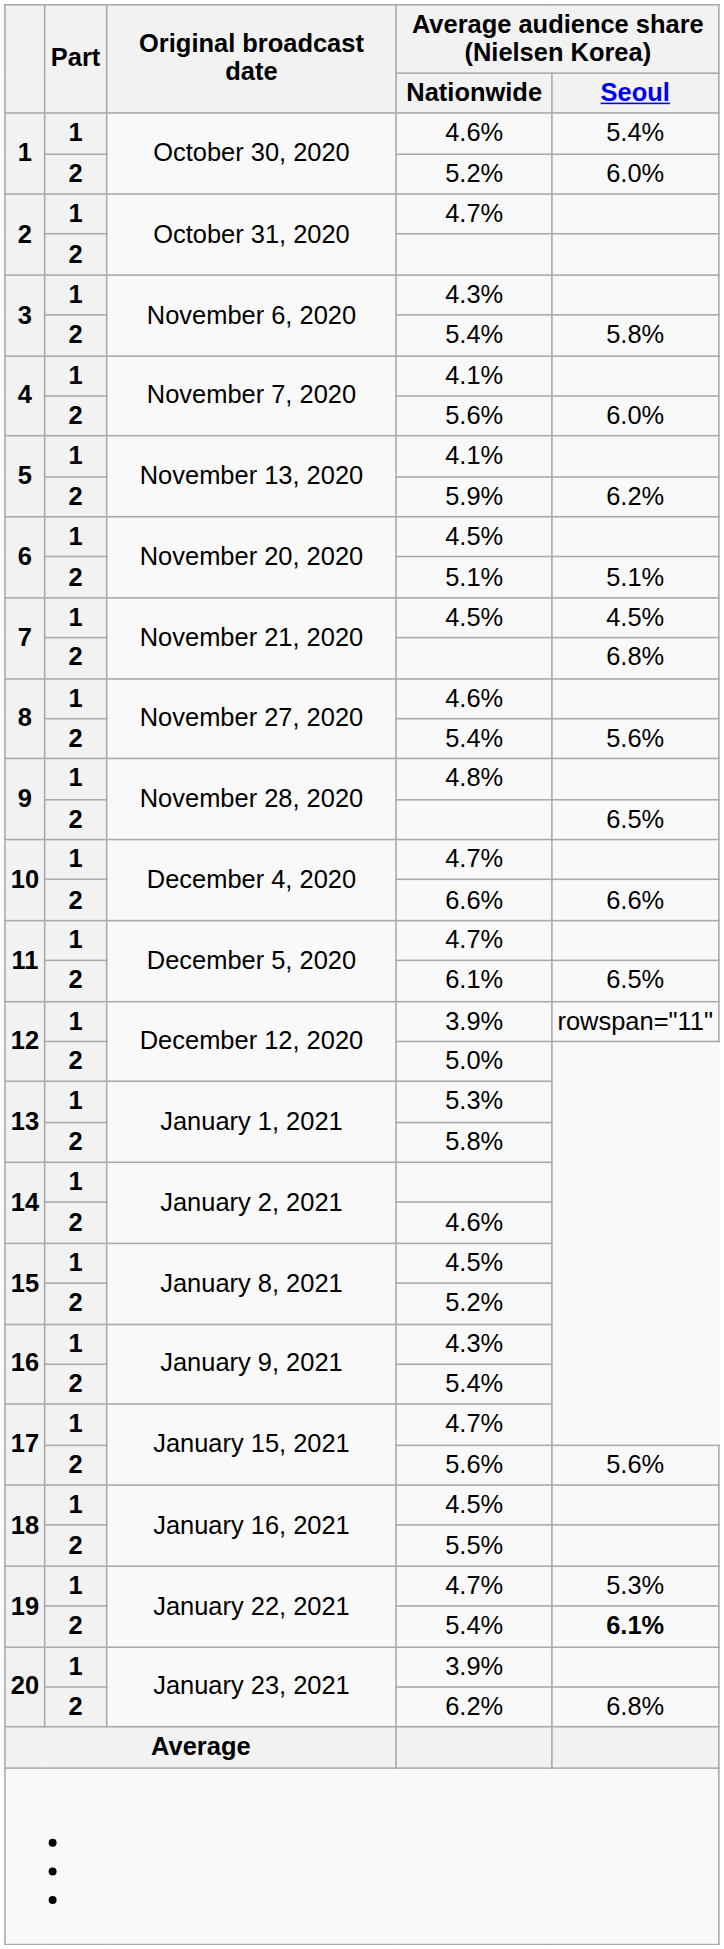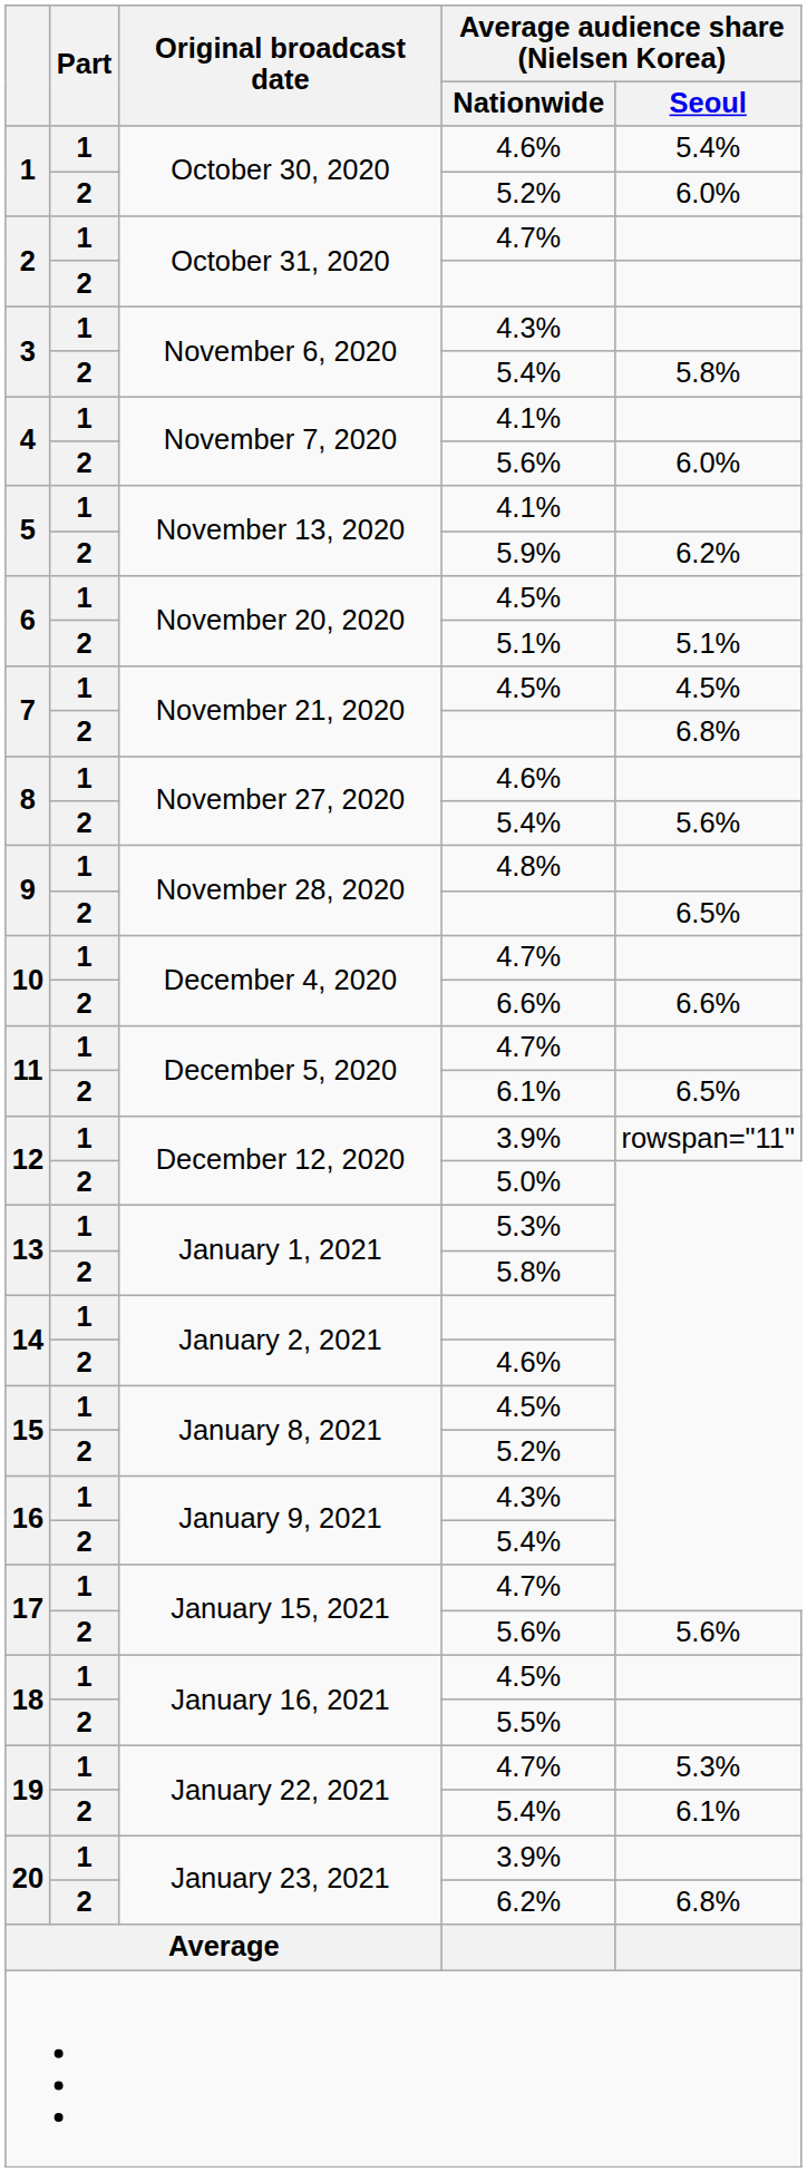 <table class="wikitable" style="text-align:center;max-width:450px; margin-left: auto; margin-right: auto; border: none;">
 <tr>
 </tr>
 <tr>
 <th rowspan="2"></th>
 <th rowspan="2">Part</th>
 <th rowspan="2">Original broadcast date</th>
 <th colspan="2">Average audience share<br>(Nielsen Korea)</th>
 </tr>
 <tr>
 <th width="90">Nationwide</th>
 <th width="90"><a href='#'>Seoul</a></th>
 </tr>
 <tr>
 <th rowspan="2">1</th>
 <th>1</th>
 <td rowspan="2">October 30, 2020</td>
 <td>4.6% </td>
 <td>5.4% </td>
 </tr>
 <tr>
 <th>2</th>
 <td>5.2% </td>
 <td>6.0% </td>
 </tr>
 <tr>
 <th rowspan="2">2</th>
 <th>1</th>
 <td rowspan="2">October 31, 2020</td>
 <td>4.7% </td>
 <td></td>
 </tr>
 <tr>
 <th>2</th>
 <td> </td>
 <td> </td>
 </tr>
 <tr>
 <th rowspan="2">3</th>
 <th>1</th>
 <td rowspan="2">November 6, 2020</td>
 <td>4.3% </td>
 <td></td>
 </tr>
 <tr>
 <th>2</th>
 <td>5.4% </td>
 <td>5.8% </td>
 </tr>
 <tr>
 <th rowspan="2">4</th>
 <th>1</th>
 <td rowspan="2">November 7, 2020</td>
 <td>4.1% </td>
 <td></td>
 </tr>
 <tr>
 <th>2</th>
 <td>5.6% </td>
 <td>6.0% </td>
 </tr>
 <tr>
 <th rowspan="2">5</th>
 <th>1</th>
 <td rowspan="2">November 13, 2020</td>
 <td>4.1% </td>
 <td></td>
 </tr>
 <tr>
 <th>2</th>
 <td>5.9% </td>
 <td>6.2% </td>
 </tr>
 <tr>
 <th rowspan="2">6</th>
 <th>1</th>
 <td rowspan="2">November 20, 2020</td>
 <td>4.5% </td>
 <td></td>
 </tr>
 <tr>
 <th>2</th>
 <td>5.1% </td>
 <td>5.1% </td>
 </tr>
 <tr>
 <th rowspan="2">7</th>
 <th>1</th>
 <td rowspan="2">November 21, 2020</td>
 <td>4.5% </td>
 <td>4.5% </td>
 </tr>
 <tr>
 <th>2</th>
 <td> </td>
 <td>6.8% </td>
 </tr>
 <tr>
 <th rowspan="2">8</th>
 <th>1</th>
 <td rowspan="2">November 27, 2020</td>
 <td>4.6% </td>
 <td></td>
 </tr>
 <tr>
 <th>2</th>
 <td>5.4% </td>
 <td>5.6% </td>
 </tr>
 <tr>
 <th rowspan="2">9</th>
 <th>1</th>
 <td rowspan="2">November 28, 2020</td>
 <td>4.8% </td>
 <td></td>
 </tr>
 <tr>
 <th>2</th>
 <td> </td>
 <td>6.5% </td>
 </tr>
 <tr>
 <th rowspan="2">10</th>
 <th>1</th>
 <td rowspan="2">December 4, 2020</td>
 <td>4.7% </td>
 <td></td>
 </tr>
 <tr>
 <th>2</th>
 <td>6.6% </td>
 <td>6.6% </td>
 </tr>
 <tr>
 <th rowspan="2">11</th>
 <th>1</th>
 <td rowspan="2">December 5, 2020</td>
 <td>4.7% </td>
 <td></td>
 </tr>
 <tr>
 <th>2</th>
 <td>6.1% </td>
 <td>6.5% </td>
 </tr>
 <tr>
 <th rowspan="2">12</th>
 <th>1</th>
 <td rowspan="2">December 12, 2020</td>
 <td>3.9% </td>
 <td>rowspan="11" </td>
 </tr>
 <tr>
 <th>2</th>
 <td>5.0% </td>
 </tr>
 <tr>
 <th rowspan="2">13</th>
 <th>1</th>
 <td rowspan="2">January 1, 2021</td>
 <td>5.3% </td>
 </tr>
 <tr>
 <th>2</th>
 <td>5.8% </td>
 </tr>
 <tr>
 <th rowspan="2">14</th>
 <th>1</th>
 <td rowspan="2">January 2, 2021</td>
 <td> </td>
 </tr>
 <tr>
 <th>2</th>
 <td>4.6% </td>
 </tr>
 <tr>
 <th rowspan="2">15</th>
 <th>1</th>
 <td rowspan="2">January 8, 2021</td>
 <td>4.5% </td>
 </tr>
 <tr>
 <th>2</th>
 <td>5.2% </td>
 </tr>
 <tr>
 <th rowspan="2">16</th>
 <th>1</th>
 <td rowspan="2">January 9, 2021</td>
 <td>4.3% </td>
 </tr>
 <tr>
 <th>2</th>
 <td>5.4% </td>
 </tr>
 <tr>
 <th rowspan="2">17</th>
 <th>1</th>
 <td rowspan="2">January 15, 2021</td>
 <td>4.7% </td>
 </tr>
 <tr>
 <th>2</th>
 <td>5.6% </td>
 <td>5.6% </td>
 </tr>
 <tr>
 <th rowspan="2">18</th>
 <th>1</th>
 <td rowspan="2">January 16, 2021</td>
 <td>4.5% </td>
 <td></td>
 </tr>
 <tr>
 <th>2</th>
 <td>5.5% </td>
 <td></td>
 </tr>
 <tr>
 <th rowspan="2">19</th>
 <th>1</th>
 <td rowspan="2">January 22, 2021</td>
 <td>4.7% </td>
 <td>5.3%</td>
 </tr>
 <tr>
 <th>2</th>
 <td>5.4% </td>
-<td><strong>6.1%</strong></td>
+<td>6.1%</td>
 </tr>
 <tr>
 <th rowspan="2">20</th>
 <th>1</th>
 <td rowspan="2">January 23, 2021</td>
 <td>3.9% </td>
 <td></td>
 </tr>
 <tr>
 <th>2</th>
 <td>6.2% </td>
 <td>6.8%</td>
 </tr>
 <tr>
 <th colspan="3">Average</th>
 <th></th>
 <th></th>
 </tr>
 <tr>
 <td colspan="6"><br><ul><li></li><li></li><li></li></ul></td>
 </tr>
 </table>
